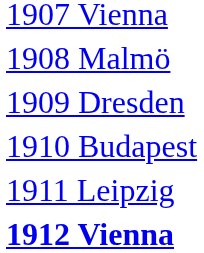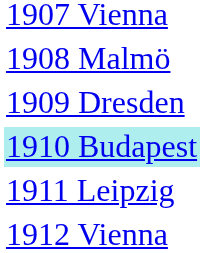 <table>
 <tr>
 <td><a href='#'>1907 Vienna</a></td>
 <td></td>
 <td></td>
 <td></td>
 </tr>
 <tr>
 <td><a href='#'>1908 Malmö</a></td>
 <td></td>
 <td></td>
 <td></td>
 </tr>
 <tr>
 <td><a href='#'>1909 Dresden</a></td>
 <td></td>
 <td></td>
 <td></td>
 </tr>
 <tr>
-<td><a href='#'>1910 Budapest</a></td>
+<td style="background: paleturquoise;"><a href='#'>1910 Budapest</a></td>
 <td></td>
 <td></td>
 <td></td>
 </tr>
 <tr>
 <td><a href='#'>1911 Leipzig</a></td>
 <td></td>
 <td></td>
 <td></td>
 </tr>
 <tr>
-<td><strong><a href='#'>1912 Vienna</a></strong></td>
+<td><a href='#'>1912 Vienna</a></td>
 <td></td>
 <td></td>
 <td></td>
 </tr>
 </table>
